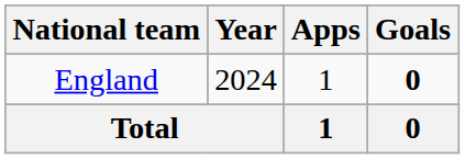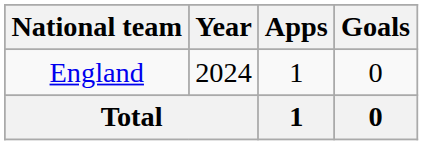 <table class="wikitable" style="text-align: center;">
 <tr>
 <th>National team</th>
 <th>Year</th>
 <th>Apps</th>
 <th>Goals</th>
 </tr>
 <tr>
 <td><a href='#'>England</a></td>
 <td>2024</td>
 <td>1</td>
-<td><strong>0</strong></td>
+<td>0</td>
 </tr>
 <tr>
 <th colspan="2">Total</th>
 <th>1</th>
 <th>0</th>
 </tr>
 </table>
